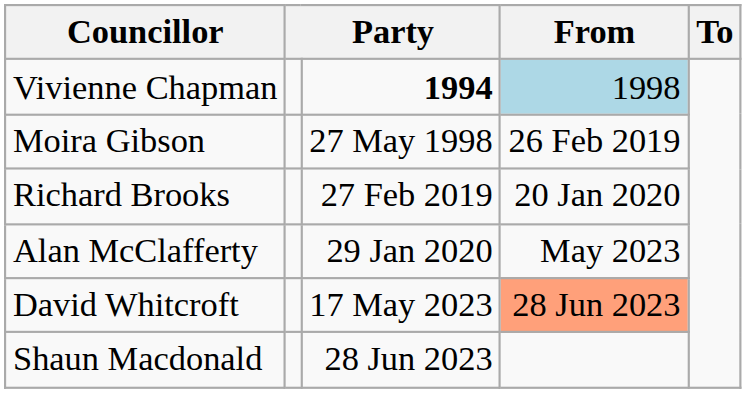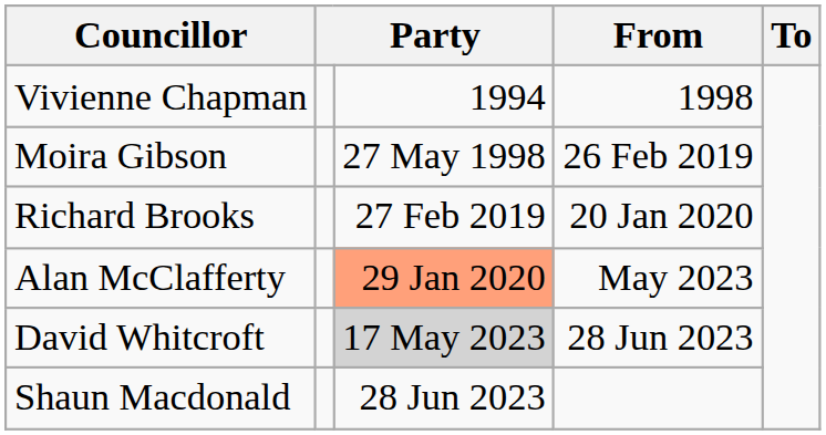 <table class=wikitable>
 <tr>
 <th>Councillor</th>
 <th colspan=2>Party</th>
 <th>From</th>
 <th>To</th>
 </tr>
 <tr>
 <td>Vivienne Chapman</td>
 <td></td>
-<td align=right><strong>1994</strong></td>
-<td align=right style="background: lightblue;">1998</td>
+<td align=right>1994</td>
+<td align=right>1998</td>
 </tr>
 <tr>
 <td>Moira Gibson</td>
 <td></td>
 <td align=right>27 May 1998</td>
 <td align=right>26 Feb 2019</td>
 </tr>
 <tr>
 <td>Richard Brooks</td>
 <td></td>
 <td align=right>27 Feb 2019</td>
 <td align=right>20 Jan 2020</td>
 </tr>
 <tr>
 <td>Alan McClafferty</td>
 <td></td>
-<td align=right>29 Jan 2020</td>
+<td align=right style="background: lightsalmon;">29 Jan 2020</td>
 <td align=right>May 2023</td>
 </tr>
 <tr>
 <td>David Whitcroft</td>
 <td></td>
-<td align=right>17 May 2023</td>
-<td align=right style="background: lightsalmon;">28 Jun 2023</td>
+<td align=right style="background: lightgrey;">17 May 2023</td>
+<td align=right>28 Jun 2023</td>
 </tr>
 <tr>
 <td>Shaun Macdonald</td>
 <td></td>
 <td align=right>28 Jun 2023</td>
 <td></td>
 </tr>
 </table>
